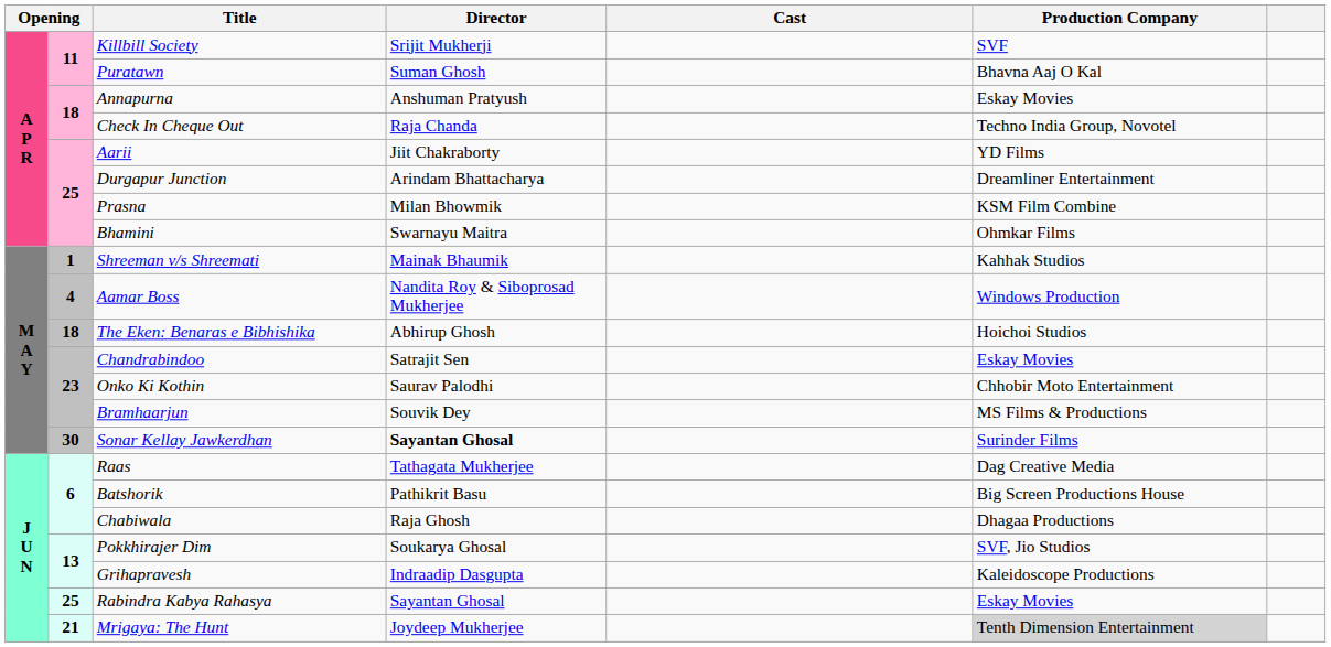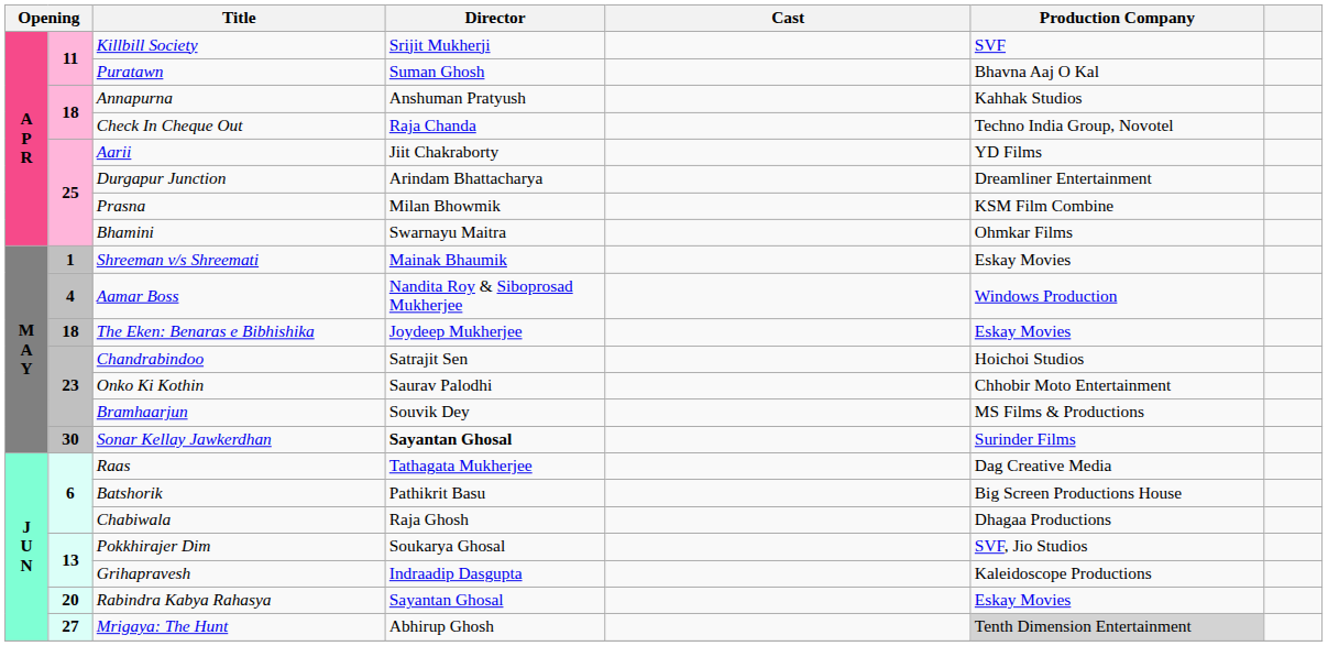 <table class="wikitable sortable">
 <tr>
 <th colspan="2" style="width:6%;"><strong>Opening</strong></th>
 <th style="width:20%;">Title</th>
 <th style="width:15%;">Director</th>
 <th style="width:25%;">Cast</th>
 <th style="width:20%;">Production Company</th>
 <th style="width:4%;"><strong></strong></th>
 </tr>
 <tr>
 <th rowspan="8" style="text-align:center; background:#f64a8a;"><strong>A<br>P<br>R</strong></th>
 <td rowspan="2" style="text-align:center;background:#ffb5da;"><strong>11</strong></td>
 <td><em><a href='#'>Killbill Society</a></em></td>
 <td><a href='#'>Srijit Mukherji</a></td>
 <td></td>
 <td><a href='#'>SVF</a></td>
 <td></td>
 </tr>
 <tr>
 <td><em><a href='#'>Puratawn</a></em></td>
 <td><a href='#'>Suman Ghosh</a></td>
 <td></td>
 <td>Bhavna Aaj O Kal</td>
 <td></td>
 </tr>
 <tr>
 <td rowspan="2" style="text-align:center;background:#ffb5da;"><strong>18</strong></td>
 <td><em>Annapurna</em></td>
 <td>Anshuman Pratyush</td>
 <td></td>
-<td>Eskay Movies</td>
+<td>Kahhak Studios</td>
 <td></td>
 </tr>
 <tr>
 <td><em>Check In Cheque Out</em></td>
 <td><a href='#'>Raja Chanda</a></td>
 <td></td>
 <td>Techno India Group, Novotel</td>
 <td></td>
 </tr>
 <tr>
 <td rowspan="4" style="text-align:center;background:#ffb5da;"><strong>25</strong></td>
 <td><em><a href='#'>Aarii</a></em></td>
 <td>Jiit Chakraborty</td>
 <td></td>
 <td>YD Films</td>
 <td></td>
 </tr>
 <tr>
 <td><em>Durgapur Junction</em></td>
 <td>Arindam Bhattacharya</td>
 <td></td>
 <td>Dreamliner Entertainment</td>
 <td></td>
 </tr>
 <tr>
 <td><em>Prasna</em></td>
 <td>Milan Bhowmik</td>
 <td></td>
 <td>KSM Film Combine</td>
 <td></td>
 </tr>
 <tr>
 <td><em>Bhamini</em></td>
 <td>Swarnayu Maitra</td>
 <td></td>
 <td>Ohmkar Films</td>
 <td></td>
 </tr>
 <tr>
 <th rowspan="7" style="text-align:center; background:#808080; textcolor:#000;"><strong>M<br>A<br>Y</strong></th>
 <td rowspan="1"  style="text-align:center;background:#C0C0C0;"><strong>1</strong></td>
 <td><em><a href='#'>Shreeman v/s Shreemati</a></em></td>
 <td><a href='#'>Mainak Bhaumik</a></td>
 <td></td>
-<td>Kahhak Studios</td>
+<td>Eskay Movies</td>
 <td></td>
 </tr>
 <tr>
 <td rowspan="1" style="text-align:center;background:#C0C0C0;"><strong>4</strong></td>
 <td><em><a href='#'>Aamar Boss</a></em></td>
 <td><a href='#'>Nandita Roy</a> & <a href='#'>Siboprosad Mukherjee</a></td>
 <td></td>
 <td><a href='#'>Windows Production</a></td>
 <td></td>
 </tr>
 <tr>
 <td rowspan="1" style="text-align:center;background:#C0C0C0;"><strong>18</strong></td>
 <td><a href='#'><em>The Eken: Benaras e Bibhishika</em></a></td>
-<td>Abhirup Ghosh</td>
+<td><a href='#'>Joydeep Mukherjee</a></td>
 <td></td>
-<td>Hoichoi Studios</td>
+<td><a href='#'>Eskay Movies</a></td>
 <td></td>
 </tr>
 <tr>
 <td rowspan="3" style="text-align:center;background:#C0C0C0;"><strong>23</strong></td>
 <td><em><a href='#'>Chandrabindoo</a></em></td>
 <td>Satrajit Sen</td>
 <td></td>
-<td><a href='#'>Eskay Movies</a></td>
+<td>Hoichoi Studios</td>
 <td></td>
 </tr>
 <tr>
 <td><em>Onko Ki Kothin</em></td>
 <td>Saurav Palodhi</td>
 <td></td>
 <td>Chhobir Moto Entertainment</td>
 <td></td>
 </tr>
 <tr>
 <td><em><a href='#'>Bramhaarjun</a></em></td>
 <td>Souvik Dey</td>
 <td></td>
 <td>MS Films & Productions</td>
 <td></td>
 </tr>
 <tr>
 <td rowspan="1"  style="text-align:center;background:#C0C0C0;"><strong>30</strong></td>
 <td><em><a href='#'>Sonar Kellay Jawkerdhan</a></em></td>
 <td><strong>Sayantan Ghosal</strong></td>
 <td></td>
 <td><a href='#'>Surinder Films</a></td>
 <td></td>
 </tr>
 <tr>
 <td rowspan="7" style="text-align:center; background:#7FFFD4; textcolor:#000;"><strong>J<br>U<br>N</strong></td>
 <td rowspan="3" style="text-align:center; background:#dbfff8; textcolor:#000;"><strong>6</strong></td>
 <td><em>Raas</em></td>
 <td><a href='#'>Tathagata Mukherjee</a></td>
 <td></td>
 <td>Dag Creative Media</td>
 <td></td>
 </tr>
 <tr>
 <td><em>Batshorik</em></td>
 <td>Pathikrit Basu</td>
 <td></td>
 <td>Big Screen Productions House</td>
 <td></td>
 </tr>
 <tr>
 <td><em>Chabiwala</em></td>
 <td>Raja Ghosh</td>
 <td></td>
 <td>Dhagaa Productions</td>
 <td></td>
 </tr>
 <tr>
 <td rowspan="2" style="text-align:center; background:#dbfff8; textcolor:#000;"><strong>13</strong></td>
 <td><em>Pokkhirajer Dim</em></td>
 <td>Soukarya Ghosal</td>
 <td></td>
 <td><a href='#'>SVF</a>, Jio Studios</td>
 <td></td>
 </tr>
 <tr>
 <td><em>Grihapravesh</em></td>
 <td><a href='#'>Indraadip Dasgupta</a></td>
 <td></td>
 <td>Kaleidoscope Productions</td>
 <td></td>
 </tr>
 <tr>
-<td rowspan="1" style="text-align:center; background:#dbfff8; textcolor:#000;"><strong>25</strong></td>
+<td rowspan="1" style="text-align:center; background:#dbfff8; textcolor:#000;"><strong>20</strong></td>
 <td><em>Rabindra Kabya Rahasya</em></td>
 <td><a href='#'>Sayantan Ghosal</a></td>
 <td></td>
 <td><a href='#'>Eskay Movies</a></td>
 <td></td>
 </tr>
 <tr>
-<td rowspan="1" style="text-align:center; background:#dbfff8; textcolor:#000;"><strong>21</strong></td>
+<td rowspan="1" style="text-align:center; background:#dbfff8; textcolor:#000;"><strong>27</strong></td>
 <td><em><a href='#'>Mrigaya: The Hunt</a></em></td>
-<td><a href='#'>Joydeep Mukherjee</a></td>
+<td>Abhirup Ghosh</td>
 <td></td>
 <td style="background: lightgrey;">Tenth Dimension Entertainment</td>
 <td></td>
 </tr>
 <tr>
 </tr>
 </table>
